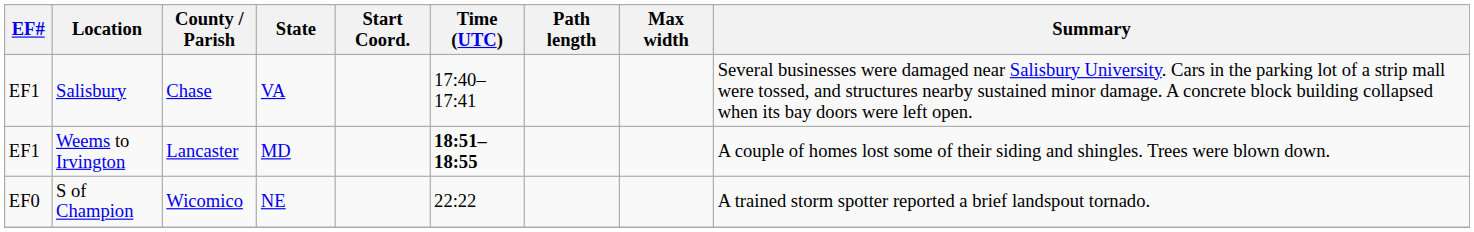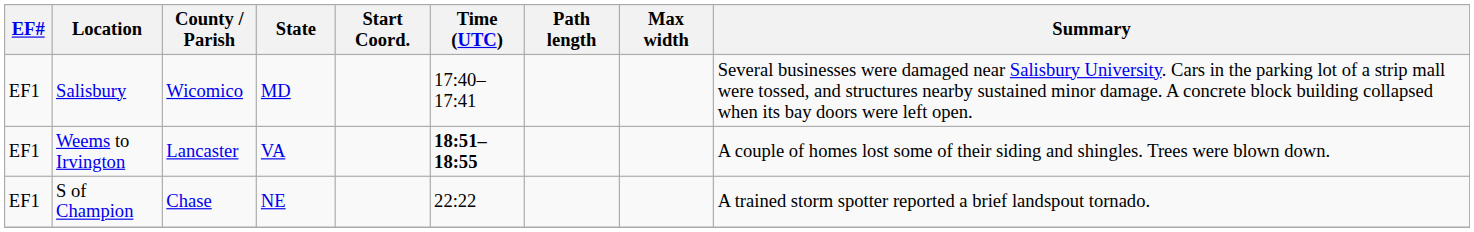 <table class="wikitable sortable" style="width:100%;">
 <tr>
 <th scope="col"  style="width:3%; text-align:center;"><a href='#'>EF#</a></th>
 <th scope="col"  style="width:7%; text-align:center;" class="unsortable">Location</th>
 <th scope="col"  style="width:6%; text-align:center;" class="unsortable">County / Parish</th>
 <th scope="col"  style="width:5%; text-align:center;">State</th>
 <th scope="col"  style="width:6%; text-align:center;">Start Coord.</th>
 <th scope="col"  style="width:6%; text-align:center;">Time (<a href='#'>UTC</a>)</th>
 <th scope="col"  style="width:6%; text-align:center;">Path length</th>
 <th scope="col"  style="width:6%; text-align:center;">Max width</th>
 <th scope="col" class="unsortable" style="width:48%; text-align:center;">Summary</th>
 </tr>
 <tr>
 <td>EF1</td>
 <td><a href='#'>Salisbury</a></td>
-<td><a href='#'>Chase</a></td>
-<td><a href='#'>VA</a></td>
+<td><a href='#'>Wicomico</a></td>
+<td><a href='#'>MD</a></td>
 <td></td>
 <td>17:40–17:41</td>
 <td></td>
 <td></td>
 <td>Several businesses were damaged near <a href='#'>Salisbury University</a>. Cars in the parking lot of a strip mall were tossed, and structures nearby sustained minor damage. A concrete block building collapsed when its bay doors were left open.</td>
 </tr>
 <tr>
 <td>EF1</td>
 <td><a href='#'>Weems</a> to <a href='#'>Irvington</a></td>
 <td><a href='#'>Lancaster</a></td>
-<td><a href='#'>MD</a></td>
+<td><a href='#'>VA</a></td>
 <td></td>
 <td><strong>18:51–18:55</strong></td>
 <td></td>
 <td></td>
 <td>A couple of homes lost some of their siding and shingles. Trees were blown down.</td>
 </tr>
 <tr>
-<td>EF0</td>
+<td>EF1</td>
 <td>S of <a href='#'>Champion</a></td>
-<td><a href='#'>Wicomico</a></td>
+<td><a href='#'>Chase</a></td>
 <td><a href='#'>NE</a></td>
 <td></td>
 <td>22:22</td>
 <td></td>
 <td></td>
 <td>A trained storm spotter reported a brief landspout tornado.</td>
 </tr>
 <tr>
 </tr>
 </table>
